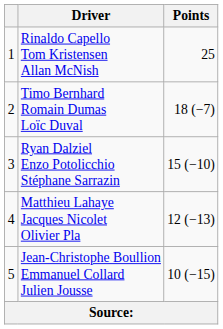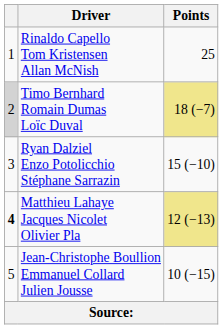 <table class="wikitable" style="font-size: 95%;">
 <tr>
 <th scope="col"></th>
 <th scope="col">Driver</th>
 <th scope="col">Points</th>
 </tr>
 <tr>
 <td align=center>1</td>
 <td> <a href='#'>Rinaldo Capello</a><br> <a href='#'>Tom Kristensen</a><br> <a href='#'>Allan McNish</a></td>
 <td align=right>25</td>
 </tr>
 <tr>
-<td align=center>2</td>
+<td align=center style="background: lightgrey;">2</td>
 <td> <a href='#'>Timo Bernhard</a><br> <a href='#'>Romain Dumas</a><br> <a href='#'>Loïc Duval</a></td>
-<td align=right>18 (−7)</td>
+<td align=right style="background: khaki;">18 (−7)</td>
 </tr>
 <tr>
 <td align=center>3</td>
 <td> <a href='#'>Ryan Dalziel</a><br> <a href='#'>Enzo Potolicchio</a><br> <a href='#'>Stéphane Sarrazin</a></td>
 <td align=right>15 (−10)</td>
 </tr>
 <tr>
-<td align=center>4</td>
+<td align=center><strong>4</strong></td>
 <td> <a href='#'>Matthieu Lahaye</a><br> <a href='#'>Jacques Nicolet</a><br> <a href='#'>Olivier Pla</a></td>
-<td align=right>12 (−13)</td>
+<td align=right style="background: khaki;">12 (−13)</td>
 </tr>
 <tr>
 <td align=center>5</td>
 <td> <a href='#'>Jean-Christophe Boullion</a><br> <a href='#'>Emmanuel Collard</a><br> <a href='#'>Julien Jousse</a></td>
 <td align=right>10 (−15)</td>
 </tr>
 <tr>
 <th colspan=4>Source:</th>
 </tr>
 </table>
